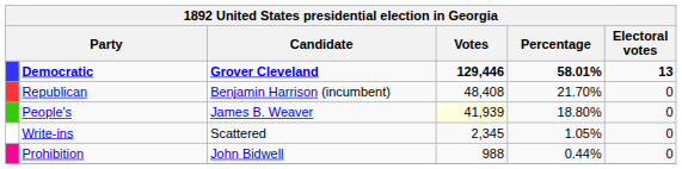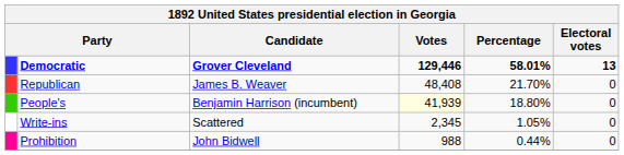 <table class="wikitable" style="font-size: 95%;">
 <tr>
 <th colspan="6">1892 United States presidential election in Georgia</th>
 </tr>
 <tr>
 <th colspan="2" style="width: 15em">Party</th>
 <th style="width: 17em">Candidate</th>
 <th style="width: 5em">Votes</th>
 <th style="width: 7em">Percentage</th>
 <th style="width: 5em">Electoral votes</th>
 </tr>
 <tr>
 <th style="background-color:#3333FF; width: 3px"></th>
 <td style="width: 130px"><strong><a href='#'>Democratic</a></strong></td>
 <td><strong><a href='#'>Grover Cleveland</a></strong></td>
 <td align="right"><strong>129,446</strong></td>
 <td align="right"><strong>58.01%</strong></td>
 <td align="right"><strong>13</strong></td>
 </tr>
 <tr>
 <th style="background-color:#FF3333; width: 3px"></th>
 <td style="width: 130px"><a href='#'>Republican</a></td>
-<td><a href='#'>Benjamin Harrison</a> (incumbent)</td>
+<td><a href='#'>James B. Weaver</a></td>
 <td align="right">48,408</td>
 <td align="right">21.70%</td>
 <td align="right">0</td>
 </tr>
 <tr>
 <th style="background-color:#3c0; width: 3px"></th>
 <td style="width: 130px"><a href='#'>People's</a></td>
-<td><a href='#'>James B. Weaver</a></td>
+<td><a href='#'>Benjamin Harrison</a> (incumbent)</td>
 <td align="right" style="background: lightyellow;">41,939</td>
 <td align="right">18.80%</td>
 <td align="right">0</td>
 </tr>
 <tr>
 <th style="background-color:#FFFFFF; width: 3px"></th>
 <td style="width: 130px"><a href='#'>Write-ins</a></td>
 <td>Scattered</td>
 <td align="right">2,345</td>
 <td align="right">1.05%</td>
 <td align="right">0</td>
 </tr>
 <tr>
 <th style="background-color:#f09; width: 3px"></th>
 <td style="width: 130px"><a href='#'>Prohibition</a></td>
 <td><a href='#'>John Bidwell</a></td>
 <td align="right">988</td>
 <td align="right">0.44%</td>
 <td align="right">0</td>
 </tr>
 <tr>
 </tr>
 </table>
